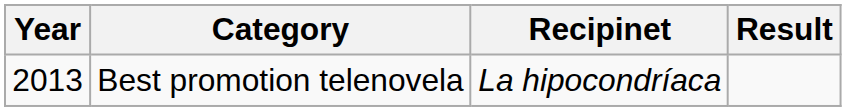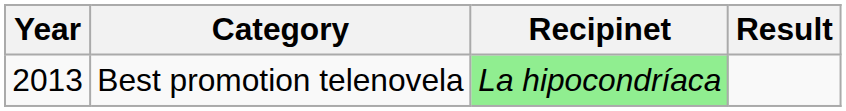 <table class="wikitable">
 <tr>
 <th><strong>Year</strong></th>
 <th><strong>Category</strong></th>
 <th><strong>Recipinet</strong></th>
 <th>Result</th>
 </tr>
 <tr>
 <td rowspan="12">2013</td>
 <td>Best promotion telenovela</td>
-<td><em>La hipocondríaca</em></td>
+<td style="background: lightgreen;"><em>La hipocondríaca</em></td>
 <td></td>
 </tr>
 </table>
